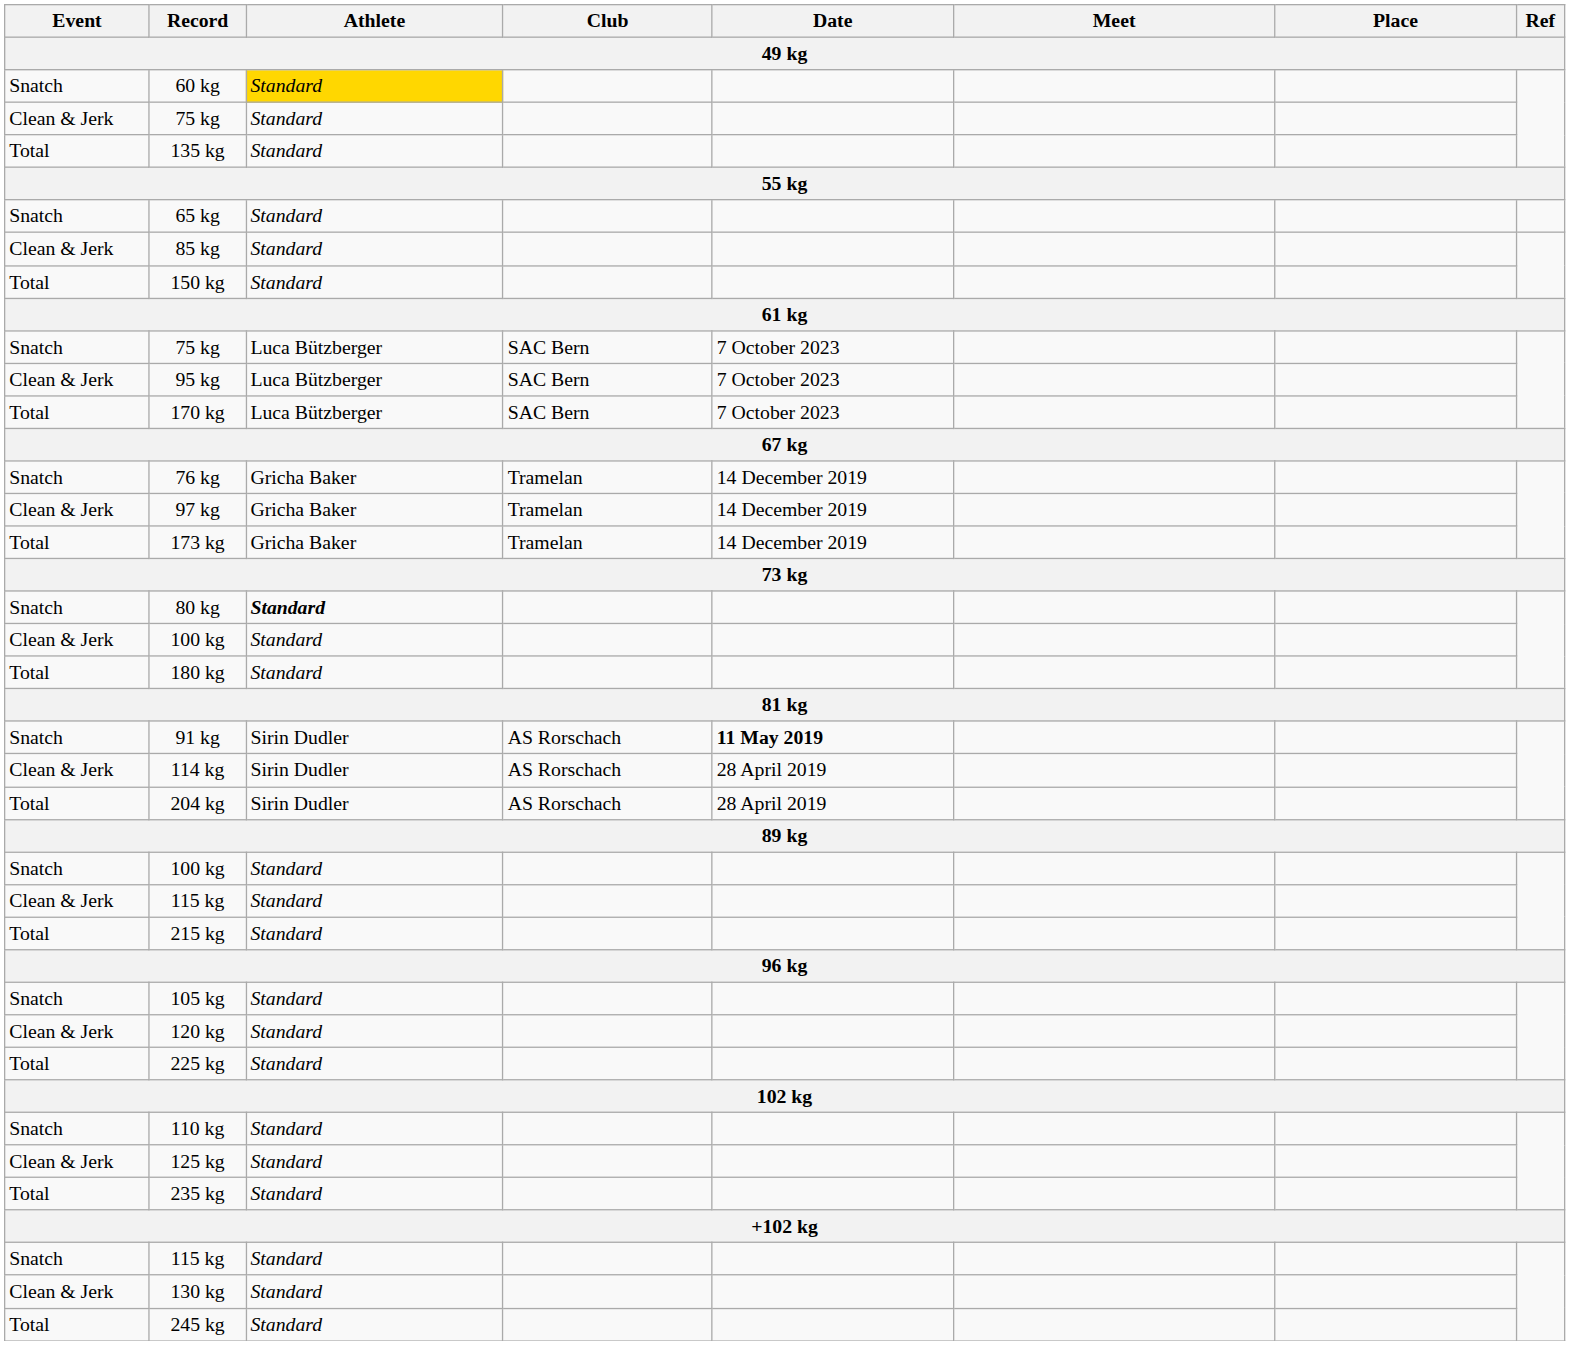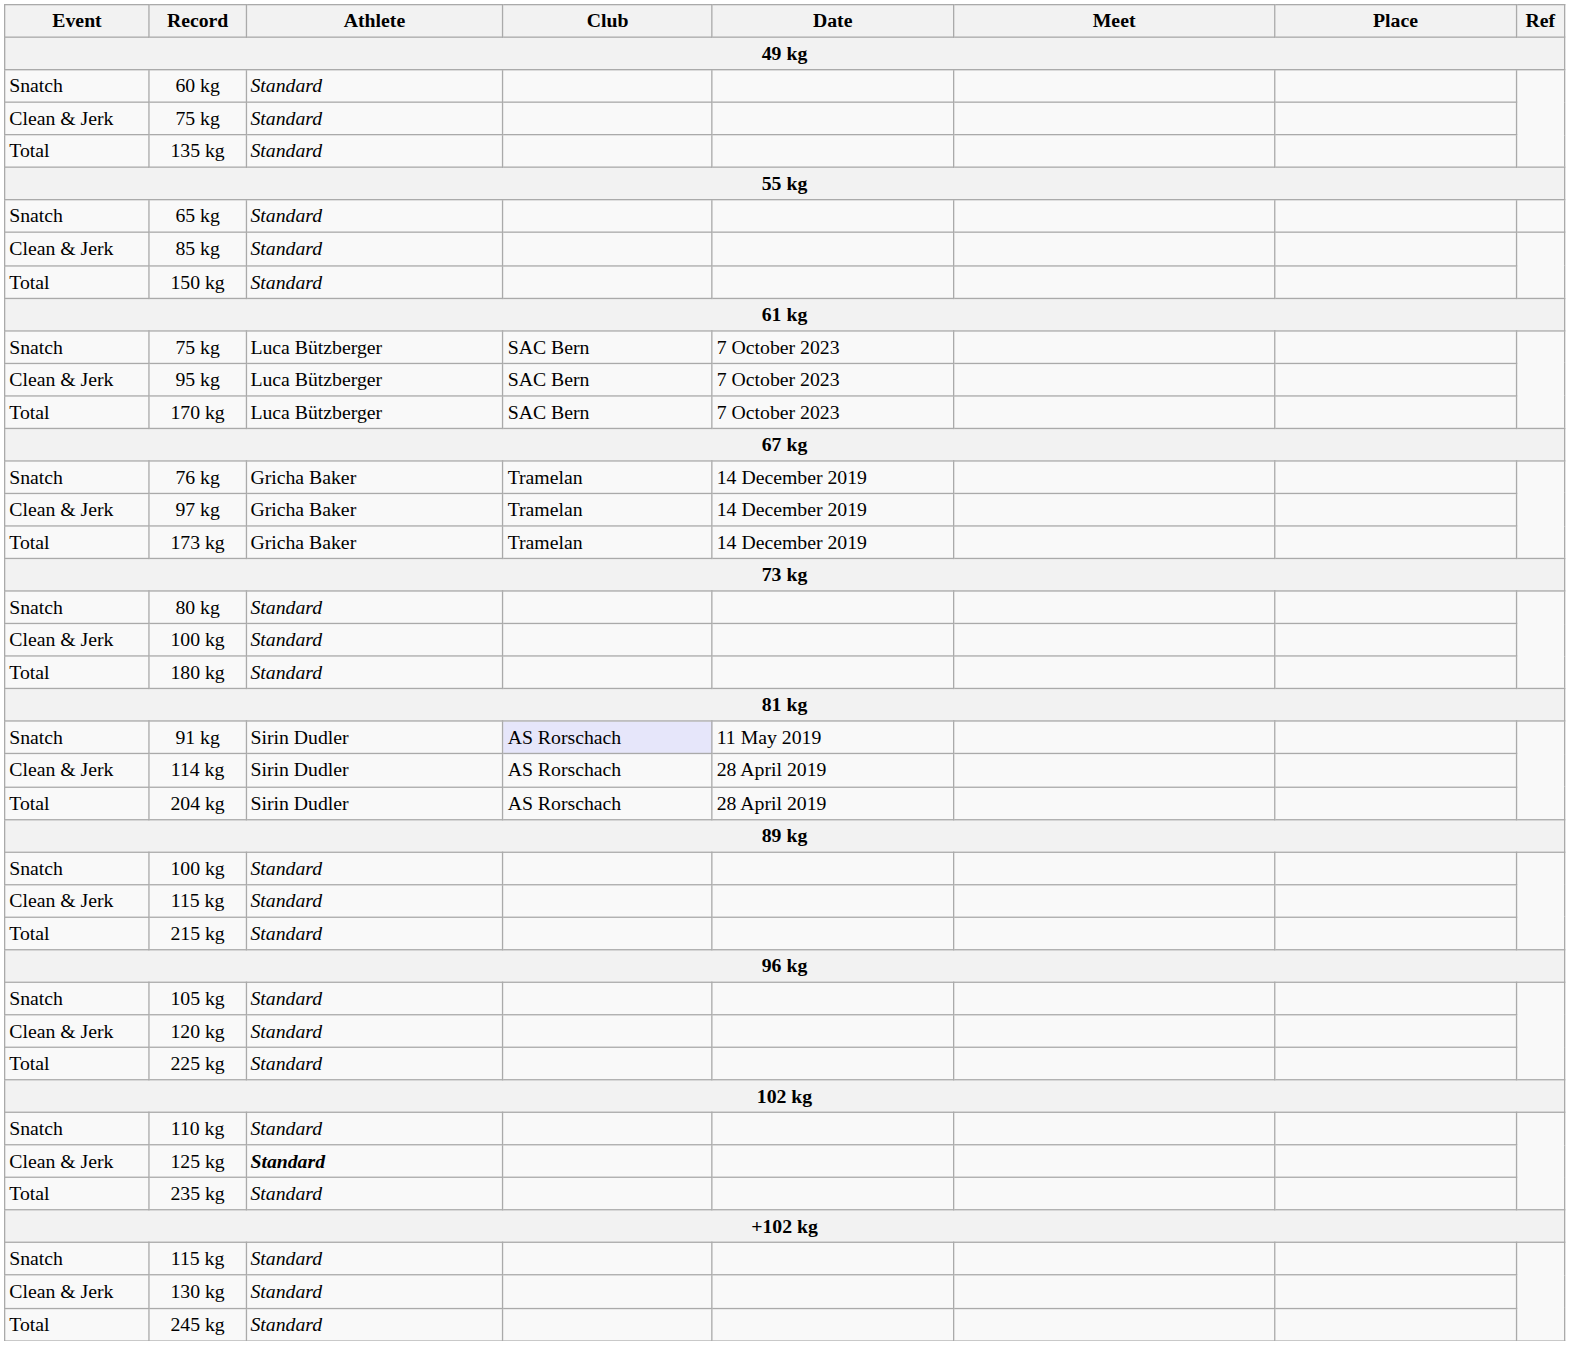 <table class="wikitable" style="font-size:95%; width: 95%;">
 <tr>
 <th width=9%>Event</th>
 <th width=6%>Record</th>
 <th width=16%>Athlete</th>
 <th width=13%>Club</th>
 <th width=15%>Date</th>
 <th width=20%>Meet</th>
 <th width=15%>Place</th>
 <th width=3%>Ref</th>
 </tr>
 <tr bgcolor="#DDDDDD">
 <th colspan="8">49 kg</th>
 </tr>
 <tr>
 <td>Snatch</td>
 <td align="center">60 kg</td>
-<td style="background: gold;"><em>Standard</em></td>
+<td><em>Standard</em></td>
 <td></td>
 <td></td>
 <td></td>
 <td></td>
 </tr>
 <tr>
 <td>Clean & Jerk</td>
 <td align="center">75 kg</td>
 <td><em>Standard</em></td>
 <td></td>
 <td></td>
 <td></td>
 <td></td>
 </tr>
 <tr>
 <td>Total</td>
 <td align="center">135 kg</td>
 <td><em>Standard</em></td>
 <td></td>
 <td></td>
 <td></td>
 <td></td>
 </tr>
 <tr>
 <th colspan="8">55 kg</th>
 </tr>
 <tr>
 <td>Snatch</td>
 <td align="center">65 kg</td>
 <td><em>Standard</em></td>
 <td></td>
 <td></td>
 <td></td>
 <td></td>
 <td></td>
 </tr>
 <tr>
 <td>Clean & Jerk</td>
 <td align="center">85 kg</td>
 <td><em>Standard</em></td>
 <td></td>
 <td></td>
 <td></td>
 <td></td>
 </tr>
 <tr>
 <td>Total</td>
 <td align="center">150 kg</td>
 <td><em>Standard</em></td>
 <td></td>
 <td></td>
 <td></td>
 <td></td>
 </tr>
 <tr>
 <th colspan="8">61 kg</th>
 </tr>
 <tr>
 <td>Snatch</td>
 <td align="center">75 kg</td>
 <td>Luca Bützberger</td>
 <td>SAC Bern</td>
 <td>7 October 2023</td>
 <td></td>
 <td></td>
 </tr>
 <tr>
 <td>Clean & Jerk</td>
 <td align="center">95 kg</td>
 <td>Luca Bützberger</td>
 <td>SAC Bern</td>
 <td>7 October 2023</td>
 <td></td>
 <td></td>
 </tr>
 <tr>
 <td>Total</td>
 <td align="center">170 kg</td>
 <td>Luca Bützberger</td>
 <td>SAC Bern</td>
 <td>7 October 2023</td>
 <td></td>
 <td></td>
 </tr>
 <tr>
 <th colspan="8">67 kg</th>
 </tr>
 <tr>
 <td>Snatch</td>
 <td align="center">76 kg</td>
 <td>Gricha Baker</td>
 <td>Tramelan</td>
 <td>14 December 2019</td>
 <td></td>
 <td></td>
 </tr>
 <tr>
 <td>Clean & Jerk</td>
 <td align="center">97 kg</td>
 <td>Gricha Baker</td>
 <td>Tramelan</td>
 <td>14 December 2019</td>
 <td></td>
 <td></td>
 </tr>
 <tr>
 <td>Total</td>
 <td align="center">173 kg</td>
 <td>Gricha Baker</td>
 <td>Tramelan</td>
 <td>14 December 2019</td>
 <td></td>
 <td></td>
 </tr>
 <tr>
 <th colspan="8">73 kg</th>
 </tr>
 <tr>
 <td>Snatch</td>
 <td align="center">80 kg</td>
-<td><strong><em>Standard</em></strong></td>
+<td><em>Standard</em></td>
 <td></td>
 <td></td>
 <td></td>
 <td></td>
 </tr>
 <tr>
 <td>Clean & Jerk</td>
 <td align="center">100 kg</td>
 <td><em>Standard</em></td>
 <td></td>
 <td></td>
 <td></td>
 <td></td>
 </tr>
 <tr>
 <td>Total</td>
 <td align="center">180 kg</td>
 <td><em>Standard</em></td>
 <td></td>
 <td></td>
 <td></td>
 <td></td>
 </tr>
 <tr>
 <th colspan="8">81 kg</th>
 </tr>
 <tr>
 <td>Snatch</td>
 <td align="center">91 kg</td>
 <td>Sirin Dudler</td>
-<td>AS Rorschach</td>
-<td><strong>11 May 2019</strong></td>
+<td style="background: lavender;">AS Rorschach</td>
+<td>11 May 2019</td>
 <td></td>
 <td></td>
 </tr>
 <tr>
 <td>Clean & Jerk</td>
 <td align="center">114 kg</td>
 <td>Sirin Dudler</td>
 <td>AS Rorschach</td>
 <td>28 April 2019</td>
 <td></td>
 <td></td>
 </tr>
 <tr>
 <td>Total</td>
 <td align="center">204 kg</td>
 <td>Sirin Dudler</td>
 <td>AS Rorschach</td>
 <td>28 April 2019</td>
 <td></td>
 <td></td>
 </tr>
 <tr>
 <th colspan="8">89 kg</th>
 </tr>
 <tr>
 <td>Snatch</td>
 <td align="center">100 kg</td>
 <td><em>Standard</em></td>
 <td></td>
 <td></td>
 <td></td>
 <td></td>
 </tr>
 <tr>
 <td>Clean & Jerk</td>
 <td align="center">115 kg</td>
 <td><em>Standard</em></td>
 <td></td>
 <td></td>
 <td></td>
 <td></td>
 </tr>
 <tr>
 <td>Total</td>
 <td align="center">215 kg</td>
 <td><em>Standard</em></td>
 <td></td>
 <td></td>
 <td></td>
 <td></td>
 </tr>
 <tr>
 <th colspan="8">96 kg</th>
 </tr>
 <tr>
 <td>Snatch</td>
 <td align="center">105 kg</td>
 <td><em>Standard</em></td>
 <td></td>
 <td></td>
 <td></td>
 <td></td>
 </tr>
 <tr>
 <td>Clean & Jerk</td>
 <td align="center">120 kg</td>
 <td><em>Standard</em></td>
 <td></td>
 <td></td>
 <td></td>
 <td></td>
 </tr>
 <tr>
 <td>Total</td>
 <td align="center">225 kg</td>
 <td><em>Standard</em></td>
 <td></td>
 <td></td>
 <td></td>
 <td></td>
 </tr>
 <tr>
 <th colspan="8">102 kg</th>
 </tr>
 <tr>
 <td>Snatch</td>
 <td align="center">110 kg</td>
 <td><em>Standard</em></td>
 <td></td>
 <td></td>
 <td></td>
 <td></td>
 </tr>
 <tr>
 <td>Clean & Jerk</td>
 <td align="center">125 kg</td>
-<td><em>Standard</em></td>
+<td><strong><em>Standard</em></strong></td>
 <td></td>
 <td></td>
 <td></td>
 <td></td>
 </tr>
 <tr>
 <td>Total</td>
 <td align="center">235 kg</td>
 <td><em>Standard</em></td>
 <td></td>
 <td></td>
 <td></td>
 <td></td>
 </tr>
 <tr>
 <th colspan="8">+102 kg</th>
 </tr>
 <tr>
 <td>Snatch</td>
 <td align="center">115 kg</td>
 <td><em>Standard</em></td>
 <td></td>
 <td></td>
 <td></td>
 <td></td>
 </tr>
 <tr>
 <td>Clean & Jerk</td>
 <td align="center">130 kg</td>
 <td><em>Standard</em></td>
 <td></td>
 <td></td>
 <td></td>
 <td></td>
 </tr>
 <tr>
 <td>Total</td>
 <td align="center">245 kg</td>
 <td><em>Standard</em></td>
 <td></td>
 <td></td>
 <td></td>
 <td></td>
 </tr>
 </table>
